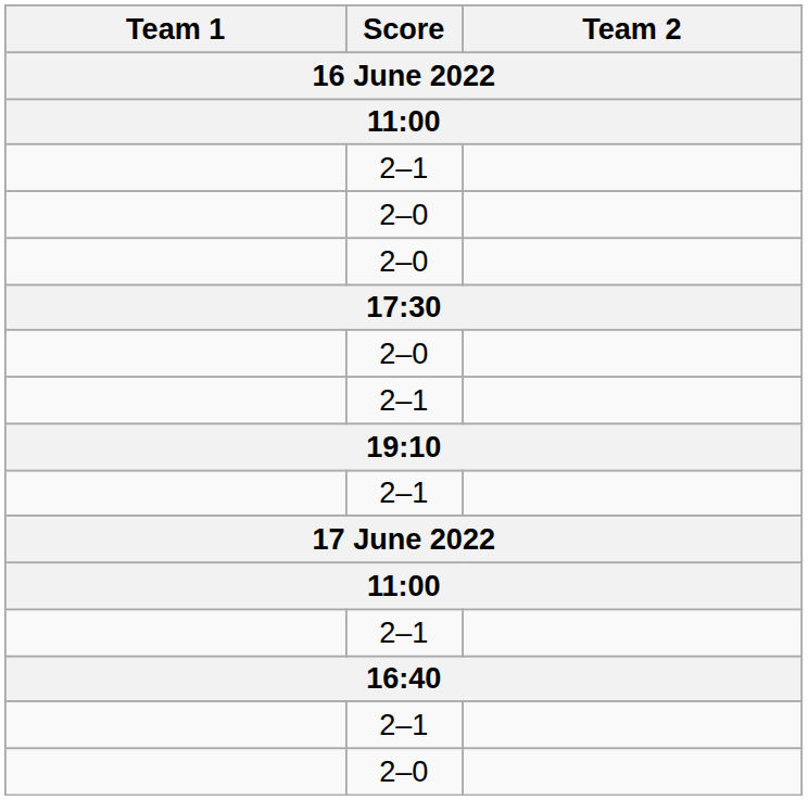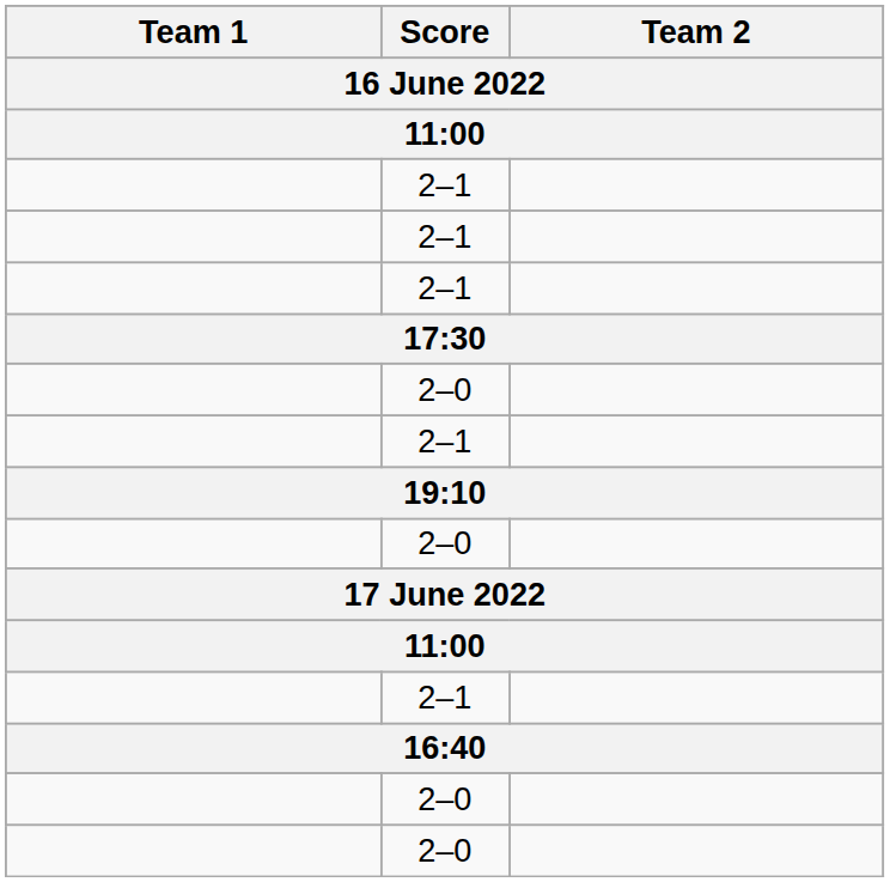 <table class="wikitable" style="text-align: center; font-size:90% ">
 <tr>
 <th align="right" width="160">Team 1</th>
 <th width="50">Score</th>
 <th align="left" width="160">Team 2</th>
 </tr>
 <tr>
 <th colspan=3>16 June 2022</th>
 </tr>
 <tr>
 <th colspan=3>11:00</th>
 </tr>
 <tr>
 <td align=right></td>
 <td align=center>2–1</td>
 <td align=left></td>
 </tr>
 <tr>
 <td align=right></td>
-<td align=center>2–0</td>
+<td align=center>2–1</td>
 <td align=left></td>
 </tr>
 <tr>
 <td align=right></td>
-<td align=center>2–0</td>
+<td align=center>2–1</td>
 <td align=left></td>
 </tr>
 <tr>
 <th colspan=3>17:30</th>
 </tr>
 <tr>
 <td align=right></td>
 <td align=center>2–0</td>
 <td align=left></td>
 </tr>
 <tr>
 <td align=right></td>
 <td align=center>2–1</td>
 <td align=left></td>
 </tr>
 <tr>
 <th colspan=3>19:10</th>
 </tr>
 <tr>
 <td align=right></td>
-<td align=center>2–1</td>
+<td align=center>2–0</td>
 <td align=left></td>
 </tr>
 <tr>
 <th colspan=3>17 June 2022</th>
 </tr>
 <tr>
 <th colspan=3>11:00</th>
 </tr>
 <tr>
 <td align=right></td>
 <td align=center>2–1</td>
 <td align=left></td>
 </tr>
 <tr>
 <th colspan=3>16:40</th>
 </tr>
 <tr>
 <td align=right></td>
-<td align=center>2–1</td>
+<td align=center>2–0</td>
 <td align=left></td>
 </tr>
 <tr>
 <td align=right></td>
 <td align=center>2–0</td>
 <td align=left></td>
 </tr>
 </table>
